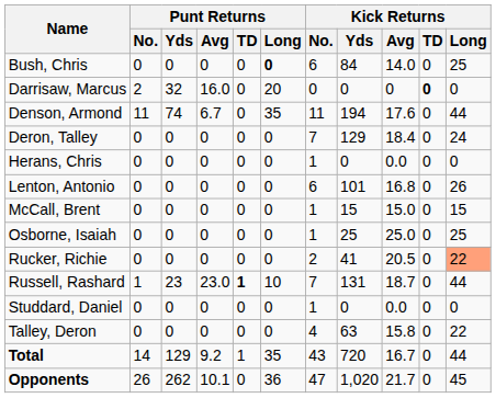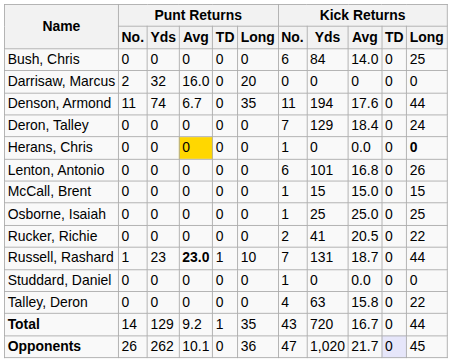 <table class="wikitable" style="white-space:nowrap;">
 <tr>
 <th rowspan="2">Name</th>
 <th colspan="5">Punt Returns</th>
 <th colspan="5">Kick Returns</th>
 </tr>
 <tr>
 <th>No.</th>
 <th>Yds</th>
 <th>Avg</th>
 <th>TD</th>
 <th>Long</th>
 <th>No.</th>
 <th>Yds</th>
 <th>Avg</th>
 <th>TD</th>
 <th>Long</th>
 </tr>
 <tr>
 <td>Bush, Chris</td>
 <td>0</td>
 <td>0</td>
 <td>0</td>
 <td>0</td>
-<td><strong>0</strong></td>
+<td>0</td>
 <td>6</td>
 <td>84</td>
 <td>14.0</td>
 <td>0</td>
 <td>25</td>
 </tr>
 <tr>
 <td>Darrisaw, Marcus</td>
 <td>2</td>
 <td>32</td>
 <td>16.0</td>
 <td>0</td>
 <td>20</td>
 <td>0</td>
 <td>0</td>
 <td>0</td>
-<td><strong>0</strong></td>
+<td>0</td>
 <td>0</td>
 </tr>
 <tr>
 <td>Denson, Armond</td>
 <td>11</td>
 <td>74</td>
 <td>6.7</td>
 <td>0</td>
 <td>35</td>
 <td>11</td>
 <td>194</td>
 <td>17.6</td>
 <td>0</td>
 <td>44</td>
 </tr>
 <tr>
 <td>Deron, Talley</td>
 <td>0</td>
 <td>0</td>
 <td>0</td>
 <td>0</td>
 <td>0</td>
 <td>7</td>
 <td>129</td>
 <td>18.4</td>
 <td>0</td>
 <td>24</td>
 </tr>
 <tr>
 <td>Herans, Chris</td>
 <td>0</td>
 <td>0</td>
-<td>0</td>
+<td style="background: gold;">0</td>
 <td>0</td>
 <td>0</td>
 <td>1</td>
 <td>0</td>
 <td>0.0</td>
 <td>0</td>
-<td>0</td>
+<td><strong>0</strong></td>
 </tr>
 <tr>
 <td>Lenton, Antonio</td>
 <td>0</td>
 <td>0</td>
 <td>0</td>
 <td>0</td>
 <td>0</td>
 <td>6</td>
 <td>101</td>
 <td>16.8</td>
 <td>0</td>
 <td>26</td>
 </tr>
 <tr>
 <td>McCall, Brent</td>
 <td>0</td>
 <td>0</td>
 <td>0</td>
 <td>0</td>
 <td>0</td>
 <td>1</td>
 <td>15</td>
 <td>15.0</td>
 <td>0</td>
 <td>15</td>
 </tr>
 <tr>
 <td>Osborne, Isaiah</td>
 <td>0</td>
 <td>0</td>
 <td>0</td>
 <td>0</td>
 <td>0</td>
 <td>1</td>
 <td>25</td>
 <td>25.0</td>
 <td>0</td>
 <td>25</td>
 </tr>
 <tr>
 <td>Rucker, Richie</td>
 <td>0</td>
 <td>0</td>
 <td>0</td>
 <td>0</td>
 <td>0</td>
 <td>2</td>
 <td>41</td>
 <td>20.5</td>
 <td>0</td>
-<td style="background: lightsalmon;">22</td>
+<td>22</td>
 </tr>
 <tr>
 <td>Russell, Rashard</td>
 <td>1</td>
 <td>23</td>
-<td>23.0</td>
-<td><strong>1</strong></td>
+<td><strong>23.0</strong></td>
+<td>1</td>
 <td>10</td>
 <td>7</td>
 <td>131</td>
 <td>18.7</td>
 <td>0</td>
 <td>44</td>
 </tr>
 <tr>
 <td>Studdard, Daniel</td>
 <td>0</td>
 <td>0</td>
 <td>0</td>
 <td>0</td>
 <td>0</td>
 <td>1</td>
 <td>0</td>
 <td>0.0</td>
 <td>0</td>
 <td>0</td>
 </tr>
 <tr>
 <td>Talley, Deron</td>
 <td>0</td>
 <td>0</td>
 <td>0</td>
 <td>0</td>
 <td>0</td>
 <td>4</td>
 <td>63</td>
 <td>15.8</td>
 <td>0</td>
 <td>22</td>
 </tr>
 <tr>
 <td><strong>Total</strong></td>
 <td>14</td>
 <td>129</td>
 <td>9.2</td>
 <td>1</td>
 <td>35</td>
 <td>43</td>
 <td>720</td>
 <td>16.7</td>
 <td>0</td>
 <td>44</td>
 </tr>
 <tr>
 <td><strong>Opponents</strong></td>
 <td>26</td>
 <td>262</td>
 <td>10.1</td>
 <td>0</td>
 <td>36</td>
 <td>47</td>
 <td>1,020</td>
 <td>21.7</td>
-<td>0</td>
+<td style="background: lavender;">0</td>
 <td>45</td>
 </tr>
 </table>
